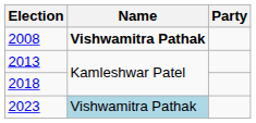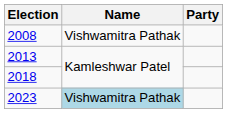 <table class="wikitable sortable">
 <tr>
 <th>Election</th>
 <th>Name</th>
 <th colspan=2>Party</th>
 </tr>
 <tr>
 <td><a href='#'>2008</a></td>
-<td><strong>Vishwamitra Pathak</strong></td>
+<td>Vishwamitra Pathak</td>
 <td></td>
 </tr>
 <tr>
 <td><a href='#'>2013</a></td>
 <td rowspan=2>Kamleshwar Patel</td>
 <td></td>
 </tr>
 <tr>
 <td><a href='#'>2018</a></td>
 </tr>
 <tr>
 <td><a href='#'>2023</a></td>
 <td style="background: lightblue;">Vishwamitra Pathak</td>
 <td></td>
 </tr>
 </table>
